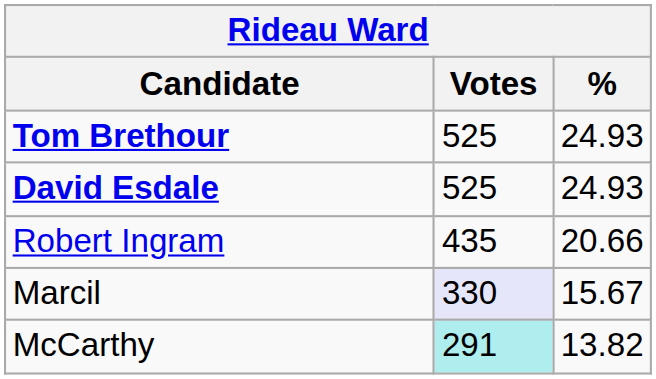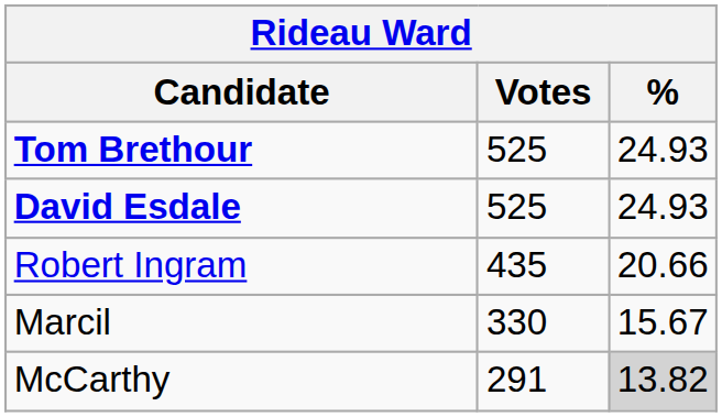 <table class="wikitable">
 <tr>
 <th colspan="3"><a href='#'>Rideau Ward</a></th>
 </tr>
 <tr>
 <th style="width: 200px">Candidate</th>
 <th style="width: 50px">Votes</th>
 <th style="width: 40px">%</th>
 </tr>
 <tr>
 <td><strong><a href='#'>Tom Brethour</a></strong></td>
 <td>525</td>
 <td>24.93</td>
 </tr>
 <tr>
 <td><strong><a href='#'>David Esdale</a></strong></td>
 <td>525</td>
 <td>24.93</td>
 </tr>
 <tr>
 <td><a href='#'>Robert Ingram</a></td>
 <td>435</td>
 <td>20.66</td>
 </tr>
 <tr>
 <td>Marcil</td>
-<td style="background: lavender;">330</td>
+<td>330</td>
 <td>15.67</td>
 </tr>
 <tr>
 <td>McCarthy</td>
-<td style="background: paleturquoise;">291</td>
-<td>13.82</td>
+<td>291</td>
+<td style="background: lightgrey;">13.82</td>
 </tr>
 </table>
